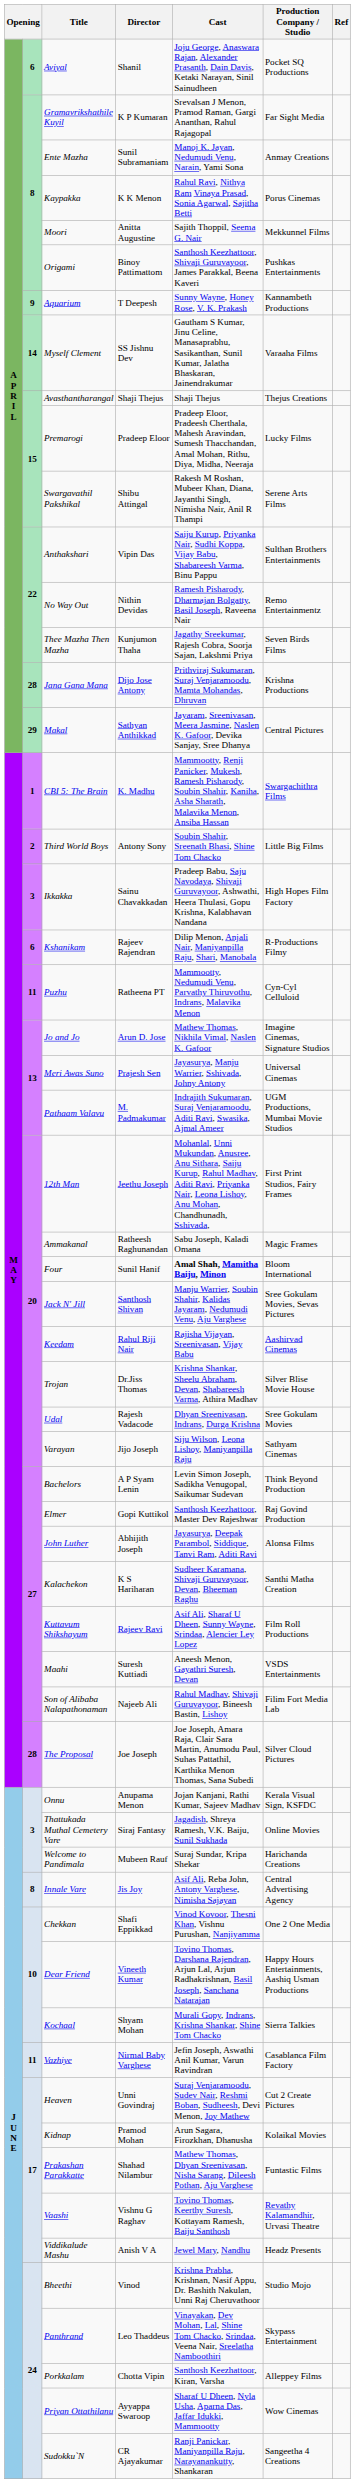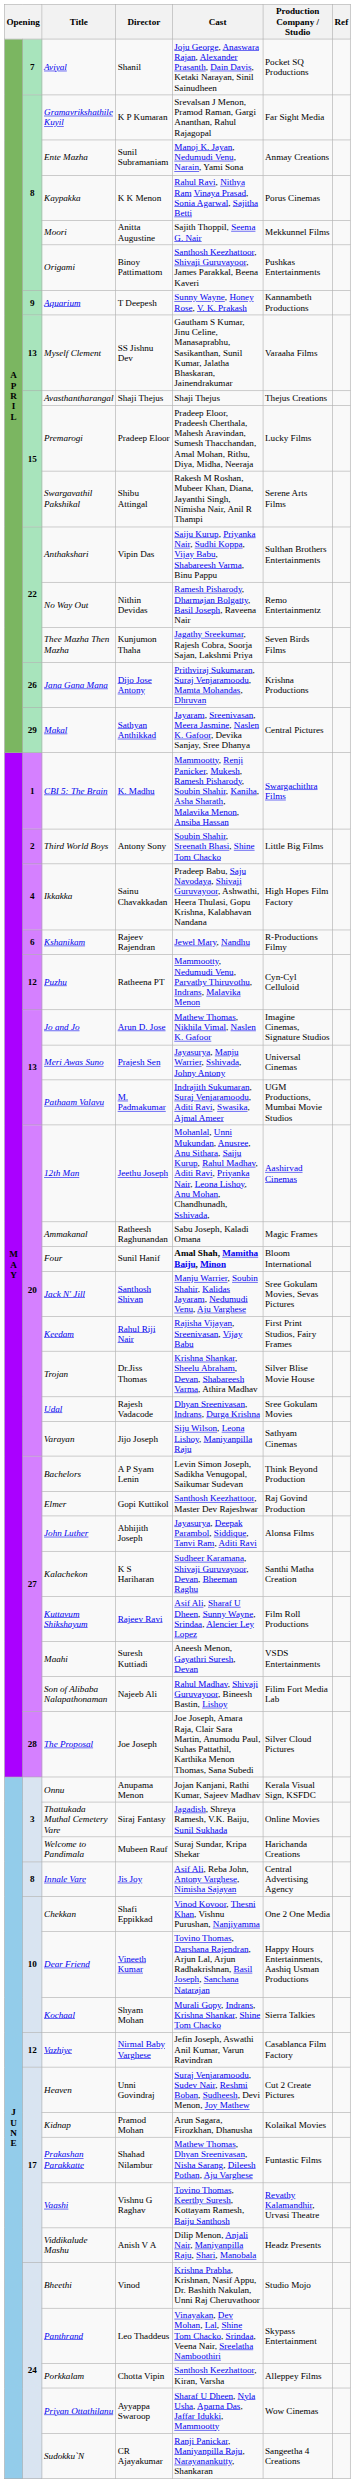 <table class="wikitable sortable">
 <tr>
 <th colspan="2" class="unsortable">Opening</th>
 <th style="width:20%;">Title</th>
 <th>Director</th>
 <th>Cast</th>
 <th>Production Company / Studio</th>
 <th>Ref</th>
 </tr>
 <tr>
 <td rowspan="16" style="text-align:center;background:#7BB661; textcolor:#000;"><strong>A<br>P<br>R<br>I<br>L</strong></td>
-<td rowspan="1" style="text-align:center;background:#a8e4bc;"><strong>6</strong></td>
+<td rowspan="1" style="text-align:center;background:#a8e4bc;"><strong>7</strong></td>
 <td><em><a href='#'>Aviyal</a></em></td>
 <td>Shanil</td>
 <td><a href='#'>Joju George</a>, <a href='#'>Anaswara Rajan</a>, <a href='#'>Alexander Prasanth</a>, <a href='#'>Dain Davis</a>, Ketaki Narayan, Sinil Sainudheen</td>
 <td>Pocket SQ Productions</td>
 <td></td>
 </tr>
 <tr>
 <td rowspan="5" style="text-align:center;background:#a8e4bc;"><strong>8</strong></td>
 <td><em><a href='#'>Gramavrikshathile Kuyil</a></em></td>
 <td>K P Kumaran</td>
 <td>Srevalsan J Menon, Pramod Raman, Gargi Ananthan, Rahul Rajagopal</td>
 <td>Far Sight Media</td>
 <td></td>
 </tr>
 <tr>
 <td><em>Ente Mazha</em></td>
 <td>Sunil Subramaniam</td>
 <td><a href='#'>Manoj K. Jayan</a>, <a href='#'>Nedumudi Venu</a>, <a href='#'>Narain</a>, Yami Sona</td>
 <td>Anmay Creations</td>
 <td></td>
 </tr>
 <tr>
 <td><em>Kaypakka</em></td>
 <td>K K Menon</td>
 <td><a href='#'>Rahul Ravi</a>, <a href='#'>Nithya Ram</a> <a href='#'>Vinaya Prasad</a>, <a href='#'>Sonia Agarwal</a>, <a href='#'>Sajitha Betti</a></td>
 <td>Porus Cinemas</td>
 <td></td>
 </tr>
 <tr>
 <td><em>Moori </em></td>
 <td>Anitta Augustine</td>
 <td>Sajith Thoppil, <a href='#'>Seema G. Nair</a></td>
 <td>Mekkunnel Films</td>
 <td></td>
 </tr>
 <tr>
 <td><em>Origami</em></td>
 <td>Binoy Pattimattom</td>
 <td><a href='#'>Santhosh Keezhattoor</a>, <a href='#'>Shivaji Guruvayoor</a>, James Parakkal, Beena Kaveri</td>
 <td>Pushkas Entertainments</td>
 <td></td>
 </tr>
 <tr>
 <td rowspan="1" style="text-align:center;background:#a8e4bc;"><strong>9</strong></td>
 <td><em><a href='#'>Aquarium</a></em></td>
 <td>T Deepesh</td>
 <td><a href='#'>Sunny Wayne</a>, <a href='#'>Honey Rose</a>, <a href='#'>V. K. Prakash</a></td>
 <td>Kannambeth Productions</td>
 <td></td>
 </tr>
 <tr>
-<td rowspan="1" style="text-align:center;background:#a8e4bc;"><strong>14</strong></td>
+<td rowspan="1" style="text-align:center;background:#a8e4bc;"><strong>13</strong></td>
 <td><em>Myself Clement</em></td>
 <td>SS Jishnu Dev</td>
 <td>Gautham S Kumar, Jinu Celine, Manasaprabhu, Sasikanthan, Sunil Kumar, Jalatha Bhaskaran, Jainendrakumar</td>
 <td>Varaaha Films</td>
 <td></td>
 </tr>
 <tr>
 <td rowspan="3" style="text-align:center;background:#a8e4bc;"><strong>15</strong></td>
 <td><em>Avasthantharangal</em></td>
 <td>Shaji Thejus</td>
 <td>Shaji Thejus</td>
 <td>Thejus Creations</td>
 <td></td>
 </tr>
 <tr>
 <td><em>Premarogi</em></td>
 <td>Pradeep Eloor</td>
 <td>Pradeep Eloor, Pradeesh Cherthala, Mahesh Aravindan, Sumesh Thacchandan, Amal Mohan, Rithu, Diya, Midha, Neeraja</td>
 <td>Lucky Films</td>
 <td></td>
 </tr>
 <tr>
 <td><em>Swargavathil Pakshikal</em></td>
 <td>Shibu Attingal</td>
 <td>Rakesh M Roshan, Mubeer Khan, Diana, Jayanthi Singh, Nimisha Nair, Anil R Thampi</td>
 <td>Serene Arts Films</td>
 <td></td>
 </tr>
 <tr>
 <td rowspan="3" style="text-align:center;background:#a8e4bc;"><strong>22</strong></td>
 <td><em>Anthakshari</em></td>
 <td>Vipin Das</td>
 <td><a href='#'>Saiju Kurup</a>, <a href='#'>Priyanka Nair</a>, <a href='#'>Sudhi Koppa</a>, <a href='#'>Vijay Babu</a>, <a href='#'>Shabareesh Varma</a>, Binu Pappu</td>
 <td>Sulthan Brothers Entertainments</td>
 <td></td>
 </tr>
 <tr>
 <td><em>No Way Out</em></td>
 <td>Nithin Devidas</td>
 <td><a href='#'>Ramesh Pisharody</a>, <a href='#'>Dharmajan Bolgatty</a>, <a href='#'>Basil Joseph</a>, Raveena Nair</td>
 <td>Remo Entertainmentz</td>
 <td></td>
 </tr>
 <tr>
 <td><em>Thee Mazha Then Mazha</em></td>
 <td>Kunjumon Thaha</td>
 <td><a href='#'>Jagathy Sreekumar</a>, Rajesh Cobra, Soorja Sajan, Lakshmi Priya</td>
 <td>Seven Birds Films</td>
 <td></td>
 </tr>
 <tr>
-<td rowspan="1" style="text-align:center;background:#a8e4bc;"><strong>28</strong></td>
+<td rowspan="1" style="text-align:center;background:#a8e4bc;"><strong>26</strong></td>
 <td><em><a href='#'>Jana Gana Mana</a></em></td>
 <td><a href='#'>Dijo Jose Antony</a></td>
 <td><a href='#'>Prithviraj Sukumaran</a>, <a href='#'>Suraj Venjaramoodu</a>, <a href='#'>Mamta Mohandas</a>, <a href='#'>Dhruvan</a></td>
 <td>Krishna Productions</td>
 <td></td>
 </tr>
 <tr>
 <td rowspan="1" style="text-align:center;background:#a8e4bc;"><strong>29</strong></td>
 <td><em><a href='#'>Makal</a></em></td>
 <td><a href='#'>Sathyan Anthikkad</a></td>
 <td><a href='#'>Jayaram</a>, <a href='#'>Sreenivasan</a>, <a href='#'>Meera Jasmine</a>, <a href='#'>Naslen K. Gafoor</a>, Devika Sanjay, Sree Dhanya</td>
 <td>Central Pictures</td>
 <td></td>
 </tr>
 <tr>
 <td rowspan="24" style="text-align:center;background:#aa00ff; textcolor:#000;"><strong>M<br>A<br>Y</strong></td>
 <td rowspan="1" style="text-align:center;background:#d580ff;"><strong>1</strong></td>
 <td><em><a href='#'>CBI 5: The Brain</a></em></td>
 <td><a href='#'>K. Madhu</a></td>
 <td><a href='#'>Mammootty</a>, <a href='#'>Renji Panicker</a>, <a href='#'>Mukesh</a>, <a href='#'>Ramesh Pisharody</a>, <a href='#'>Soubin Shahir</a>, <a href='#'>Kaniha</a>, <a href='#'>Asha Sharath</a>, <a href='#'>Malavika Menon</a>, <a href='#'>Ansiba Hassan</a></td>
 <td><a href='#'>Swargachithra Films</a></td>
 <td></td>
 </tr>
 <tr>
 <td rowspan="1" style="text-align:center;background:#d580ff;"><strong>2</strong></td>
 <td><em>Third World Boys</em></td>
 <td>Antony Sony</td>
 <td><a href='#'>Soubin Shahir</a>, <a href='#'>Sreenath Bhasi</a>, <a href='#'>Shine Tom Chacko</a></td>
 <td>Little Big Films</td>
 <td></td>
 </tr>
 <tr>
-<td rowspan="1" style="text-align:center;background:#d580ff;"><strong>3</strong></td>
+<td rowspan="1" style="text-align:center;background:#d580ff;"><strong>4</strong></td>
 <td><em>Ikkakka</em></td>
 <td>Sainu Chavakkadan</td>
 <td>Pradeep Babu, <a href='#'>Saju Navodaya</a>, <a href='#'>Shivaji Guruvayoor</a>, Ashwathi, Heera Thulasi, Gopu Krishna, Kalabhavan Nandana</td>
 <td>High Hopes Film Factory</td>
 <td></td>
 </tr>
 <tr>
 <td rowspan="1" style="text-align:center;background:#d580ff;"><strong>6</strong></td>
 <td><em><a href='#'>Kshanikam</a></em></td>
 <td>Rajeev Rajendran</td>
-<td>Dilip Menon, <a href='#'>Anjali Nair</a>, <a href='#'>Maniyanpilla Raju</a>, <a href='#'>Shari</a>, <a href='#'>Manobala</a></td>
+<td><a href='#'>Jewel Mary</a>, <a href='#'>Nandhu</a></td>
 <td>R-Productions Filmy</td>
 <td></td>
 </tr>
 <tr>
-<td rowspan="1" style="text-align:center;background:#d580ff;"><strong>11</strong></td>
+<td rowspan="1" style="text-align:center;background:#d580ff;"><strong>12</strong></td>
 <td><em><a href='#'>Puzhu</a></em></td>
 <td>Ratheena PT</td>
 <td><a href='#'>Mammootty</a>, <a href='#'>Nedumudi Venu</a>, <a href='#'>Parvathy Thiruvothu</a>, <a href='#'>Indrans</a>, <a href='#'>Malavika Menon</a></td>
 <td>Cyn-Cyl Celluloid</td>
 <td></td>
 </tr>
 <tr>
 <td rowspan="3" style="text-align:center;background:#d580ff;"><strong>13</strong></td>
 <td><em><a href='#'>Jo and Jo</a></em></td>
 <td><a href='#'>Arun D. Jose</a></td>
 <td><a href='#'>Mathew Thomas</a>, <a href='#'>Nikhila Vimal</a>, <a href='#'>Naslen K. Gafoor</a></td>
 <td>Imagine Cinemas, Signature Studios</td>
 <td></td>
 </tr>
 <tr>
 <td><em><a href='#'>Meri Awas Suno</a></em></td>
 <td><a href='#'>Prajesh Sen</a></td>
 <td><a href='#'>Jayasurya</a>, <a href='#'>Manju Warrier</a>, <a href='#'>Sshivada</a>, <a href='#'>Johny Antony</a></td>
 <td>Universal Cinemas</td>
 <td></td>
 </tr>
 <tr>
 <td><em><a href='#'>Pathaam Valavu</a></em></td>
 <td><a href='#'>M. Padmakumar</a></td>
 <td><a href='#'>Indrajith Sukumaran</a>, <a href='#'>Suraj Venjaramoodu</a>, <a href='#'>Aditi Ravi</a>, <a href='#'>Swasika</a>, <a href='#'>Ajmal Ameer</a></td>
 <td>UGM Productions, Mumbai Movie Studios</td>
 <td></td>
 </tr>
 <tr>
 <td rowspan="8" style="text-align:center;background:#d580ff;"><strong>20</strong></td>
 <td><em><a href='#'>12th Man</a></em></td>
 <td><a href='#'>Jeethu Joseph</a></td>
 <td><a href='#'>Mohanlal</a>, <a href='#'>Unni Mukundan</a>, <a href='#'>Anusree</a>, <a href='#'>Anu Sithara</a>, <a href='#'>Saiju Kurup</a>, <a href='#'>Rahul Madhav</a>, <a href='#'>Aditi Ravi</a>, <a href='#'>Priyanka Nair</a>, <a href='#'>Leona Lishoy</a>, <a href='#'>Anu Mohan</a>, Chandhunadh, <a href='#'>Sshivada</a>,</td>
-<td>First Print Studios, Fairy Frames</td>
+<td><a href='#'>Aashirvad Cinemas</a></td>
 <td></td>
 </tr>
 <tr>
 <td><em>Ammakanal</em></td>
 <td>Ratheesh Raghunandan</td>
 <td>Sabu Joseph, Kaladi Omana</td>
 <td>Magic Frames</td>
 <td></td>
 </tr>
 <tr>
 <td><em>Four</em></td>
 <td>Sunil Hanif</td>
 <td><strong>Amal Shah, <a href='#'>Mamitha Baiju</a>, <a href='#'>Minon</a></strong></td>
 <td>Bloom International</td>
 <td></td>
 </tr>
 <tr>
 <td><em><a href='#'>Jack N' Jill</a></em></td>
 <td><a href='#'>Santhosh Shivan</a></td>
 <td><a href='#'>Manju Warrier</a>, <a href='#'>Soubin Shahir</a>, <a href='#'>Kalidas Jayaram</a>, <a href='#'>Nedumudi Venu</a>, <a href='#'>Aju Varghese</a></td>
 <td>Sree Gokulam Movies, Sevas Pictures</td>
 <td></td>
 </tr>
 <tr>
 <td><em><a href='#'>Keedam</a></em></td>
 <td><a href='#'>Rahul Riji Nair</a></td>
 <td><a href='#'>Rajisha Vijayan</a>, <a href='#'>Sreenivasan</a>, <a href='#'>Vijay Babu</a></td>
-<td><a href='#'>Aashirvad Cinemas</a></td>
+<td>First Print Studios, Fairy Frames</td>
 <td></td>
 </tr>
 <tr>
 <td><em>Trojan</em></td>
 <td>Dr.Jiss Thomas</td>
 <td><a href='#'>Krishna Shankar</a>, <a href='#'>Sheelu Abraham</a>, <a href='#'>Devan</a>, <a href='#'>Shabareesh Varma</a>, Athira Madhav</td>
 <td>Silver Blise Movie House</td>
 <td></td>
 </tr>
 <tr>
 <td><em><a href='#'>Udal</a></em></td>
 <td>Rajesh Vadacode</td>
 <td><a href='#'>Dhyan Sreenivasan</a>, <a href='#'>Indrans</a>, <a href='#'>Durga Krishna</a></td>
 <td>Sree Gokulam Movies</td>
 <td></td>
 </tr>
 <tr>
 <td><em>Varayan</em></td>
 <td>Jijo Joseph</td>
 <td><a href='#'>Siju Wilson</a>, <a href='#'>Leona Lishoy</a>, <a href='#'>Maniyanpilla Raju</a></td>
 <td>Sathyam Cinemas</td>
 <td></td>
 </tr>
 <tr>
 <td rowspan="7" style="text-align:center;background:#d580ff;"><strong>27</strong></td>
 <td><em>Bachelors</em></td>
 <td>A P Syam Lenin</td>
 <td>Levin Simon Joseph, Sadikha Venugopal, Saikumar Sudevan</td>
 <td>Think Beyond Production</td>
 <td></td>
 </tr>
 <tr>
 <td><em>Elmer</em></td>
 <td>Gopi Kuttikol</td>
 <td><a href='#'>Santhosh Keezhattoor</a>, Master Dev Rajeshwar</td>
 <td>Raj Govind Production</td>
 <td></td>
 </tr>
 <tr>
 <td><em><a href='#'>John Luther</a></em></td>
 <td>Abhijith Joseph</td>
 <td><a href='#'>Jayasurya</a>, <a href='#'>Deepak Parambol</a>, <a href='#'>Siddique</a>, <a href='#'>Tanvi Ram</a>, <a href='#'>Aditi Ravi</a></td>
 <td>Alonsa Films</td>
 <td></td>
 </tr>
 <tr>
 <td><em>Kalachekon</em></td>
 <td>K S Hariharan</td>
 <td><a href='#'>Sudheer Karamana</a>, <a href='#'>Shivaji Guruvayoor</a>, <a href='#'>Devan</a>, <a href='#'>Bheeman Raghu</a></td>
 <td>Santhi Matha Creation</td>
 <td></td>
 </tr>
 <tr>
 <td><em><a href='#'>Kuttavum Shikshayum</a></em></td>
 <td><a href='#'>Rajeev Ravi</a></td>
 <td><a href='#'>Asif Ali</a>, <a href='#'>Sharaf U Dheen</a>, <a href='#'>Sunny Wayne</a>, <a href='#'>Srindaa</a>, <a href='#'>Alencier Ley Lopez</a></td>
 <td>Film Roll Productions</td>
 <td></td>
 </tr>
 <tr>
 <td><em>Maahi</em></td>
 <td>Suresh Kuttiadi</td>
 <td>Aneesh Menon, <a href='#'>Gayathri Suresh</a>, <a href='#'>Devan</a></td>
 <td>VSDS Entertainments</td>
 <td></td>
 </tr>
 <tr>
 <td><em>Son of Alibaba Nalapathonaman</em> </td>
 <td>Najeeb Ali</td>
 <td><a href='#'>Rahul Madhav</a>, <a href='#'>Shivaji Guruvayoor</a>, Bineesh Bastin, <a href='#'>Lishoy</a></td>
 <td>Filim Fort Media Lab</td>
 <td></td>
 </tr>
 <tr>
 <td rowspan="1" style="text-align:center;background:#d580ff;"><strong>28</strong></td>
 <td><em><a href='#'>The Proposal</a></em></td>
 <td>Joe Joseph</td>
 <td>Joe Joseph, Amara Raja, Clair Sara Martin, Anumodu Paul, Suhas Pattathil, Karthika Menon Thomas, Sana Subedi</td>
 <td>Silver Cloud Pictures</td>
 <td></td>
 </tr>
 <tr>
 <td rowspan="18" style="text-align:center;background:#93CCEA; textcolor:#000;"><strong>J<br>U<br>N<br>E</strong></td>
 <td rowspan="3" style="text-align:center;background:#d9e4f1;"><strong>3</strong></td>
 <td><em>Onnu</em></td>
 <td>Anupama Menon</td>
 <td>Jojan Kanjani, Rathi Kumar, Sajeev Madhav</td>
 <td>Kerala Visual Sign, KSFDC</td>
 <td></td>
 </tr>
 <tr>
 <td><em>Thattukada Muthal Cemetery Vare</em></td>
 <td>Siraj Fantasy</td>
 <td><a href='#'>Jagadish</a>, Shreya Ramesh, V.K. Baiju, <a href='#'>Sunil Sukhada</a></td>
 <td>Online Movies</td>
 <td></td>
 </tr>
 <tr>
 <td><em>Welcome to Pandimala</em></td>
 <td>Mubeen Rauf</td>
 <td>Suraj Sundar, Kripa Shekar</td>
 <td>Harichanda Creations</td>
 <td></td>
 </tr>
 <tr>
 <td rowspan="1" style="text-align:center;background:#d9e4f1;"><strong>8</strong></td>
 <td><em><a href='#'>Innale Vare</a></em></td>
 <td><a href='#'>Jis Joy</a></td>
 <td><a href='#'>Asif Ali</a>, Reba John, <a href='#'>Antony Varghese</a>, <a href='#'>Nimisha Sajayan</a></td>
 <td>Central Advertising Agency</td>
 <td></td>
 </tr>
 <tr>
 <td rowspan="3" style="text-align:center;background:#d9e4f1;"><strong>10</strong></td>
 <td><em>Chekkan</em></td>
 <td>Shafi Eppikkad</td>
 <td><a href='#'>Vinod Kovoor</a>, <a href='#'>Thesni Khan</a>, Vishnu Purushan, <a href='#'>Nanjiyamma</a></td>
 <td>One 2 One Media</td>
 <td></td>
 </tr>
 <tr>
 <td><em><a href='#'>Dear Friend</a></em></td>
 <td><a href='#'>Vineeth Kumar</a></td>
 <td><a href='#'>Tovino Thomas</a>, <a href='#'>Darshana Rajendran</a>, Arjun Lal, Arjun Radhakrishnan, <a href='#'>Basil Joseph</a>, <a href='#'>Sanchana Natarajan</a></td>
 <td>Happy Hours Entertainments, Aashiq Usman Productions</td>
 <td></td>
 </tr>
 <tr>
 <td><em><a href='#'>Kochaal</a></em></td>
 <td>Shyam Mohan</td>
 <td><a href='#'>Murali Gopy</a>, <a href='#'>Indrans</a>, <a href='#'>Krishna Shankar</a>, <a href='#'>Shine Tom Chacko</a></td>
 <td>Sierra Talkies</td>
 <td></td>
 </tr>
 <tr>
-<td rowspan="1" style="text-align:center;background:#d9e4f1;"><strong>11</strong></td>
+<td rowspan="1" style="text-align:center;background:#d9e4f1;"><strong>12</strong></td>
 <td><em><a href='#'>Vazhiye</a></em></td>
 <td><a href='#'>Nirmal Baby Varghese</a></td>
 <td>Jefin Joseph, Aswathi Anil Kumar, Varun Ravindran</td>
 <td>Casablanca Film Factory</td>
 <td></td>
 </tr>
 <tr>
 <td rowspan="5" style="text-align:center;background:#d9e4f1;"><strong>17</strong></td>
 <td><em>Heaven</em></td>
 <td>Unni Govindraj</td>
 <td><a href='#'>Suraj Venjaramoodu</a>, <a href='#'>Sudev Nair</a>, <a href='#'>Reshmi Boban</a>, <a href='#'>Sudheesh</a>, Devi Menon, <a href='#'>Joy Mathew</a></td>
 <td>Cut 2 Create Pictures</td>
 <td></td>
 </tr>
 <tr>
 <td><em>Kidnap</em></td>
 <td>Pramod Mohan</td>
 <td>Arun Sagara, Firozkhan, Dhanusha</td>
 <td>Kolaikal Movies</td>
 <td></td>
 </tr>
 <tr>
 <td><em><a href='#'>Prakashan Parakkatte</a></em></td>
 <td>Shahad Nilambur</td>
 <td><a href='#'>Mathew Thomas</a>, <a href='#'>Dhyan Sreenivasan</a>, <a href='#'>Nisha Sarang</a>, <a href='#'>Dileesh Pothan</a>, <a href='#'>Aju Varghese</a></td>
 <td>Funtastic Films</td>
 <td></td>
 </tr>
 <tr>
 <td><em><a href='#'>Vaashi</a></em></td>
 <td>Vishnu G Raghav</td>
 <td><a href='#'>Tovino Thomas</a>, <a href='#'>Keerthy Suresh</a>, Kottayam Ramesh, <a href='#'>Baiju Santhosh</a></td>
 <td><a href='#'>Revathy Kalamandhir</a>, Urvasi Theatre</td>
 <td></td>
 </tr>
 <tr>
 <td><em>Viddikalude Mashu</em></td>
 <td>Anish V A</td>
-<td><a href='#'>Jewel Mary</a>, <a href='#'>Nandhu</a></td>
+<td>Dilip Menon, <a href='#'>Anjali Nair</a>, <a href='#'>Maniyanpilla Raju</a>, <a href='#'>Shari</a>, <a href='#'>Manobala</a></td>
 <td>Headz Presents</td>
 <td></td>
 </tr>
 <tr>
 <td rowspan="5" style="text-align:center;background:#d9e4f1;"><strong>24</strong></td>
 <td><em>Bheethi</em></td>
 <td>Vinod</td>
 <td><a href='#'>Krishna Prabha</a>, Krishnan, Nasif Appu, Dr. Bashith Nakulan, Unni Raj Cheruvathoor</td>
 <td>Studio Mojo</td>
 <td></td>
 </tr>
 <tr>
 <td><em><a href='#'>Panthrand</a></em></td>
 <td>Leo Thaddeus</td>
 <td><a href='#'>Vinayakan</a>, <a href='#'>Dev Mohan</a>, <a href='#'>Lal</a>, <a href='#'>Shine Tom Chacko</a>, <a href='#'>Srindaa</a>, Veena Nair, <a href='#'>Sreelatha Namboothiri</a></td>
 <td>Skypass Entertainment</td>
 <td></td>
 </tr>
 <tr>
 <td><em>Porkkalam</em></td>
 <td>Chotta Vipin</td>
 <td><a href='#'>Santhosh Keezhattoor</a>, Kiran, Varsha</td>
 <td>Alleppey Films</td>
 <td></td>
 </tr>
 <tr>
 <td><em><a href='#'>Priyan Ottathilanu</a></em></td>
 <td>Ayyappa Swaroop</td>
 <td><a href='#'>Sharaf U Dheen</a>, <a href='#'>Nyla Usha</a>, <a href='#'>Aparna Das</a>, <a href='#'>Jaffar Idukki</a>, <a href='#'>Mammootty</a></td>
 <td>Wow Cinemas</td>
 <td></td>
 </tr>
 <tr>
 <td><em>Sudokku`N</em></td>
 <td>CR Ajayakumar</td>
 <td><a href='#'>Ranji Panickar</a>, <a href='#'>Maniyanpilla Raju</a>, <a href='#'>Narayanankutty</a>, Shankaran</td>
 <td>Sangeetha 4 Creations</td>
 <td></td>
 </tr>
 </table>
